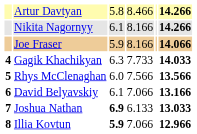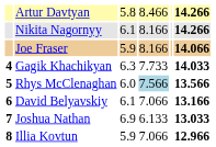 <table>
 <tr style="background: #fffcaf">
 <th scope=row style="text-align:center"></th>
 <td style="text-align:left;"> <a href='#'>Artur Davtyan</a></td>
 <td>5.8</td>
 <td>8.466</td>
 <td></td>
 <td><strong>14.266</strong></td>
 </tr>
 <tr style="background: #e5e5e5">
 <th scope=row style="text-align:center"></th>
 <td style="text-align:left;"> <a href='#'>Nikita Nagornyy</a></td>
 <td>6.1</td>
 <td>8.166</td>
 <td></td>
 <td><strong>14.266</strong></td>
 </tr>
 <tr style="background: #eecc99">
 <th scope=row style="text-align:center"></th>
 <td style="text-align:left;"> <a href='#'>Joe Fraser</a></td>
 <td>5.9</td>
 <td>8.166</td>
 <td></td>
 <td><strong>14.066</strong></td>
 </tr>
 <tr>
 <th scope=row style="text-align:center">4</th>
 <td style="text-align:left;"> <a href='#'>Gagik Khachikyan</a></td>
 <td>6.3</td>
 <td>7.733</td>
 <td></td>
 <td><strong>14.033</strong></td>
 </tr>
 <tr>
 <th scope=row style="text-align:center">5</th>
 <td style="text-align:left;"> <a href='#'>Rhys McClenaghan</a></td>
 <td>6.0</td>
-<td>7.566</td>
+<td style="background: lightblue;">7.566</td>
 <td></td>
 <td><strong>13.566</strong></td>
 </tr>
 <tr>
 <th scope=row style="text-align:center">6</th>
 <td style="text-align:left;"> <a href='#'>David Belyavskiy</a></td>
 <td>6.1</td>
 <td>7.066</td>
 <td></td>
 <td><strong>13.166</strong></td>
 </tr>
 <tr>
 <th scope=row style="text-align:center">7</th>
 <td style="text-align:left;"> <a href='#'>Joshua Nathan</a></td>
-<td><strong>6.9</strong></td>
+<td>6.9</td>
 <td>6.133</td>
 <td></td>
 <td><strong>13.033</strong></td>
 </tr>
 <tr>
 <th scope=row style="text-align:center">8</th>
 <td style="text-align:left;"> <a href='#'>Illia Kovtun</a></td>
-<td><strong>5.9</strong></td>
+<td>5.9</td>
 <td>7.066</td>
 <td></td>
 <td><strong>12.966</strong></td>
 </tr>
 </table>
